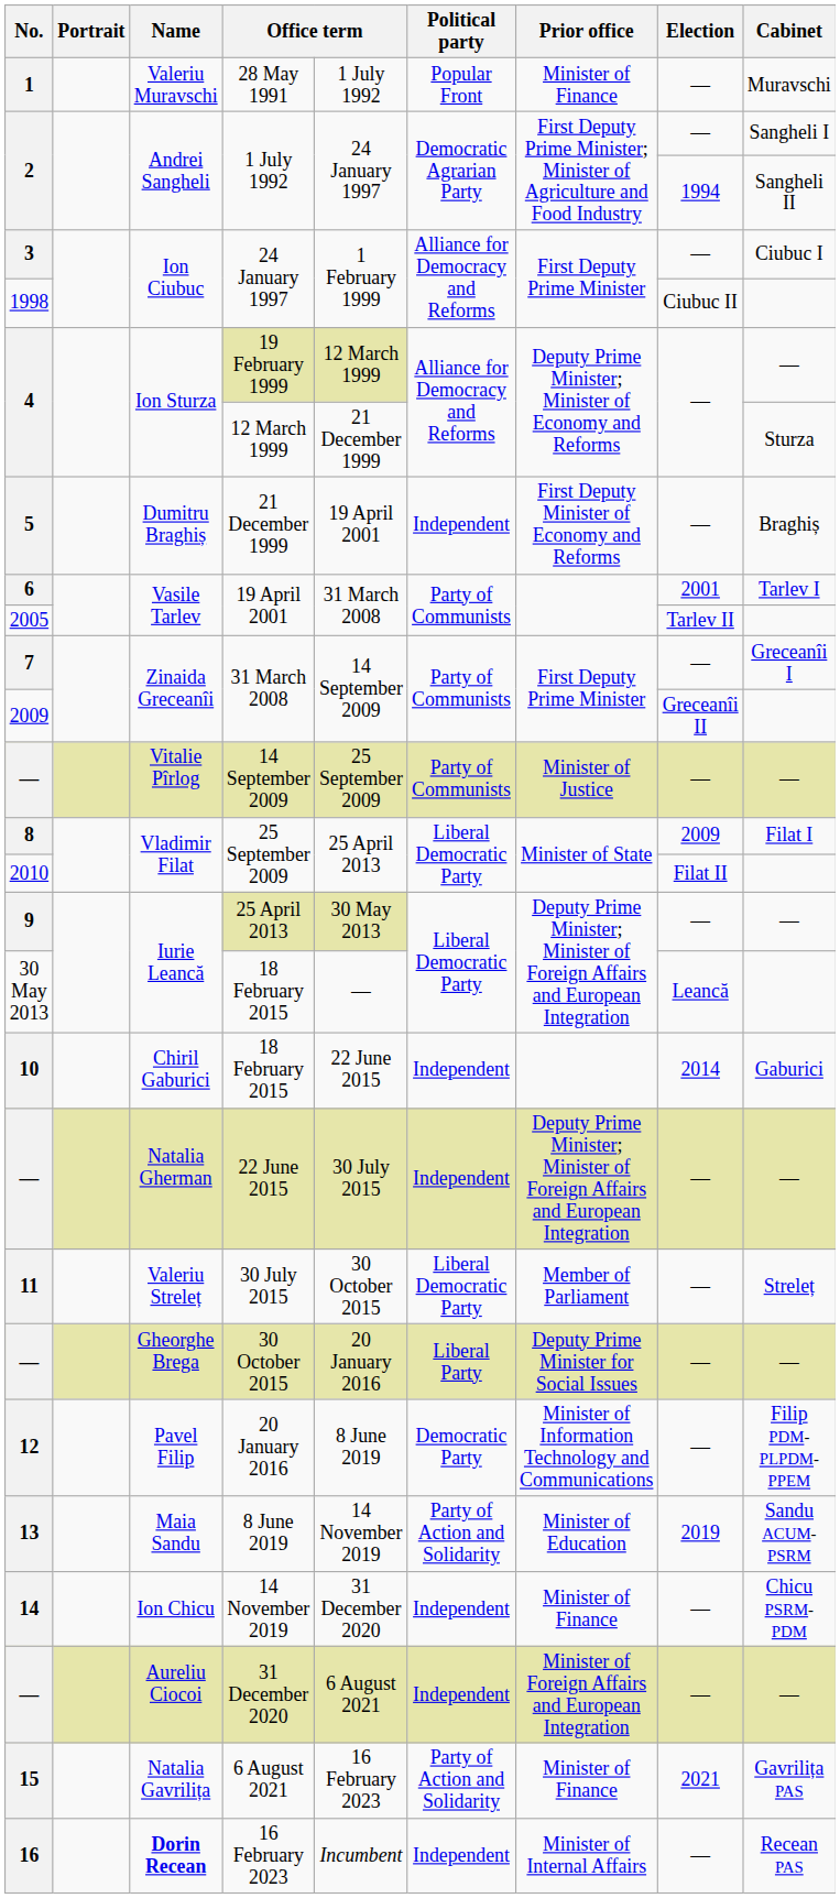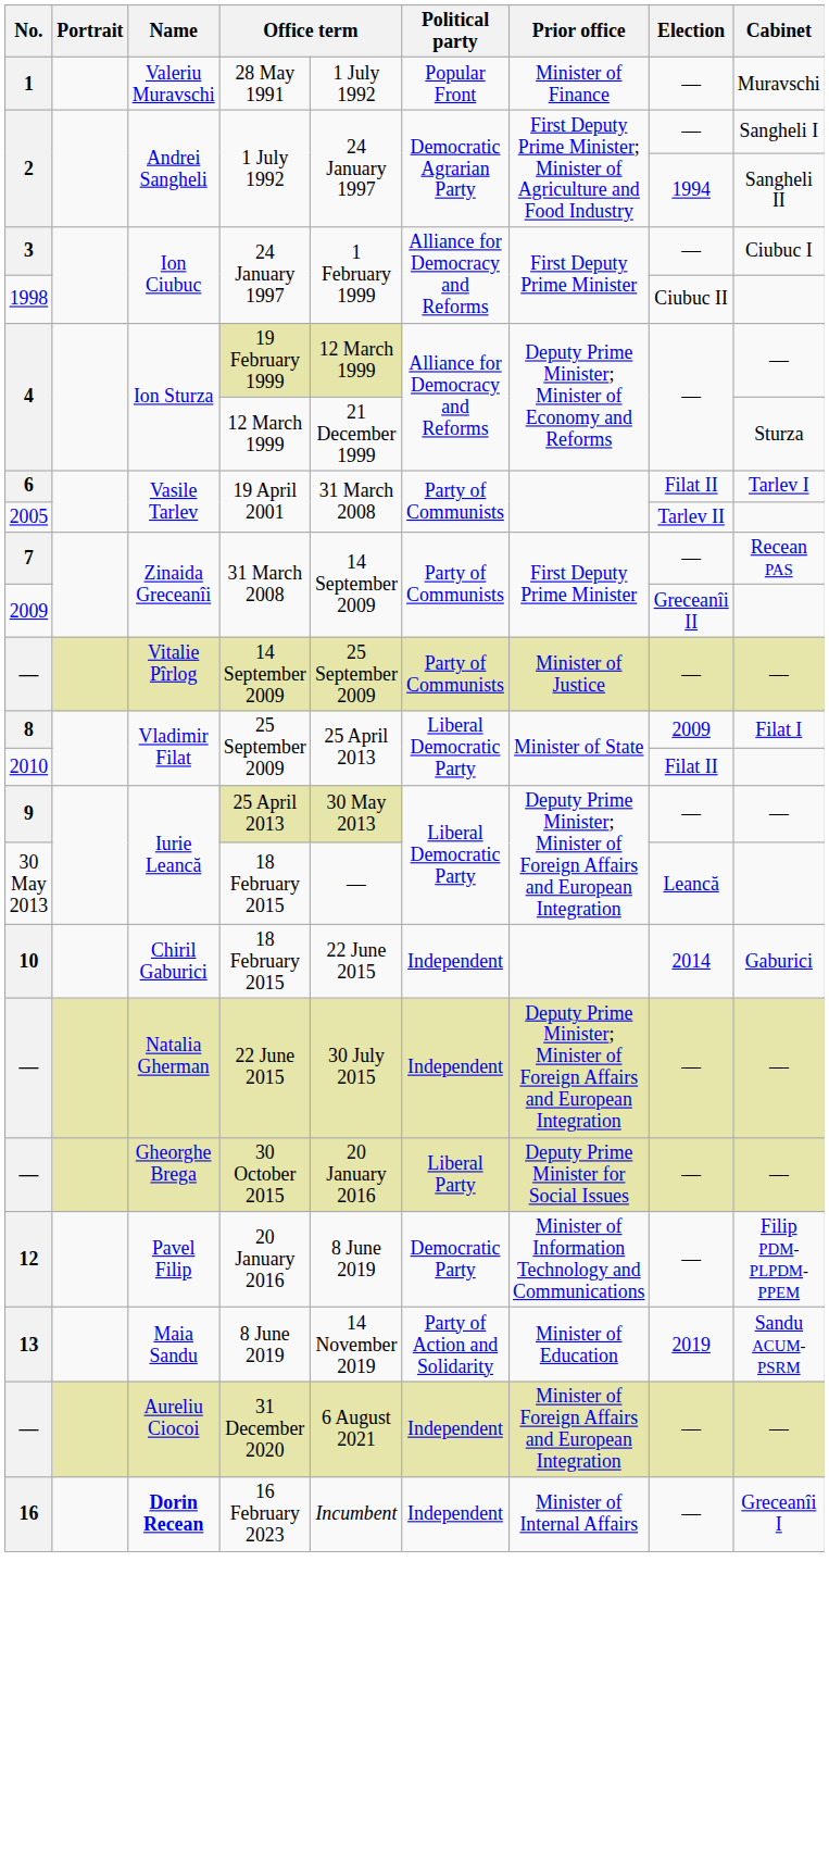 <table class="wikitable" style="text-align:center;">
 <tr>
 <th><strong>No.</strong></th>
 <th>Portrait</th>
 <th>Name<br></th>
 <th colspan="2">Office term</th>
 <th>Political party</th>
 <th>Prior office</th>
 <th>Election</th>
 <th>Cabinet</th>
 </tr>
 <tr>
 <th style="background: ">1</th>
 <td></td>
 <td><a href='#'>Valeriu Muravschi</a><br></td>
 <td>28 May 1991</td>
 <td>1 July 1992</td>
 <td><a href='#'>Popular Front</a></td>
 <td><a href='#'>Minister of Finance</a></td>
 <td>—</td>
 <td>Muravschi<br></td>
 </tr>
 <tr>
 <th rowspan="2" style="background: ">2</th>
 <td rowspan="2"></td>
 <td rowspan="2"><a href='#'>Andrei Sangheli</a><br></td>
 <td rowspan="2">1 July 1992</td>
 <td rowspan="2">24 January 1997</td>
 <td rowspan="2"><a href='#'>Democratic Agrarian Party</a></td>
 <td rowspan="2"><a href='#'>First Deputy Prime Minister</a>;<br><a href='#'>Minister of Agriculture and Food Industry</a></td>
 <td>—</td>
 <td>Sangheli I</td>
 </tr>
 <tr>
 <td><a href='#'>1994</a></td>
 <td>Sangheli II</td>
 </tr>
 <tr>
 <th style="background: ">3</th>
 <td rowspan=2></td>
 <td rowspan=2><a href='#'>Ion Ciubuc</a><br></td>
 <td rowspan=2>24 January 1997</td>
 <td rowspan=2>1 February 1999</td>
 <td rowspan="2"><a href='#'>Alliance for Democracy and Reforms</a></td>
 <td rowspan="2"><a href='#'>First Deputy Prime Minister</a></td>
 <td>—</td>
 <td>Ciubuc I</td>
 </tr>
 <tr>
 <td><a href='#'>1998</a></td>
 <td>Ciubuc II</td>
 </tr>
 <tr>
 <th rowspan="2" style="background: ">4</th>
 <td rowspan="2"></td>
 <td rowspan="2"><a href='#'>Ion Sturza</a><br></td>
 <td bgcolor="E6E6AA">19 February 1999</td>
 <td bgcolor="E6E6AA">12 March 1999</td>
 <td rowspan="2"><a href='#'>Alliance for Democracy and Reforms</a></td>
 <td rowspan="2"><a href='#'>Deputy Prime Minister</a>;<br><a href='#'>Minister of Economy and Reforms</a></td>
 <td rowspan="2">—</td>
 <td>—</td>
 </tr>
 <tr>
 <td>12 March 1999</td>
 <td>21 December 1999</td>
 <td>Sturza</td>
 </tr>
 <tr>
-<th style="background: ">5</th>
-<td></td>
-<td><a href='#'>Dumitru Braghiș</a><br></td>
-<td>21 December 1999</td>
-<td>19 April 2001</td>
-<td><a href='#'>Independent</a></td>
-<td><a href='#'>First Deputy Minister of Economy and Reforms</a></td>
-<td>—</td>
-<td>Braghiș</td>
-</tr>
-<tr>
 <th style="background: ">6</th>
 <td rowspan=2></td>
 <td rowspan="2"><a href='#'>Vasile Tarlev</a><br></td>
 <td rowspan="2">19 April 2001</td>
 <td rowspan=2>31 March 2008</td>
 <td rowspan=2><a href='#'>Party of Communists</a></td>
 <td rowspan="2"></td>
-<td><a href='#'>2001</a></td>
+<td><a href='#'>Filat II</a><br></td>
 <td><a href='#'>Tarlev I</a><br></td>
 </tr>
 <tr>
 <td><a href='#'>2005</a></td>
 <td><a href='#'>Tarlev II</a><br></td>
 </tr>
 <tr>
 <th style="background: ">7</th>
 <td rowspan=2></td>
 <td rowspan="2"><a href='#'>Zinaida Greceanîi</a><br></td>
 <td rowspan="2">31 March 2008</td>
 <td rowspan=2>14 September 2009</td>
 <td rowspan=2><a href='#'>Party of Communists</a></td>
 <td rowspan="2"><a href='#'>First Deputy Prime Minister</a></td>
 <td>—</td>
-<td><a href='#'>Greceanîi I</a><br></td>
+<td><a href='#'>Recean</a><br><small><a href='#'>PAS</a></small></td>
 </tr>
 <tr>
 <td><a href='#'> 2009</a></td>
 <td><a href='#'>Greceanîi II</a><br></td>
 </tr>
 <tr bgcolor=E6E6AA>
 <th style="background: ">—</th>
 <td></td>
 <td><a href='#'>Vitalie Pîrlog</a><br><br></td>
 <td>14 September 2009</td>
 <td>25 September 2009</td>
 <td><a href='#'>Party of Communists</a></td>
 <td><a href='#'>Minister of Justice</a></td>
 <td>—</td>
 <td>—</td>
 </tr>
 <tr>
 <th style="background: ">8</th>
 <td rowspan=2></td>
 <td rowspan="2"><a href='#'>Vladimir Filat</a><br></td>
 <td rowspan="2">25 September 2009</td>
 <td rowspan=2>25 April 2013</td>
 <td rowspan=2><a href='#'>Liberal Democratic Party</a><br></td>
 <td rowspan="2"><a href='#'>Minister of State</a></td>
 <td><a href='#'> 2009</a></td>
 <td><a href='#'>Filat I</a><br></td>
 </tr>
 <tr>
 <td><a href='#'>2010</a></td>
 <td><a href='#'>Filat II</a><br></td>
 </tr>
 <tr>
 <th style="background: ">9</th>
 <td rowspan="2"></td>
 <td rowspan="2"><a href='#'>Iurie Leancă</a><br></td>
 <td bgcolor="E6E6AA">25 April 2013</td>
 <td bgcolor=E6E6AA>30 May 2013</td>
 <td rowspan="2"><a href='#'>Liberal Democratic Party</a><br></td>
 <td rowspan="2"><a href='#'>Deputy Prime Minister</a>;<br><a href='#'>Minister of Foreign Affairs and European Integration</a></td>
 <td>—</td>
 <td>—</td>
 </tr>
 <tr>
 <td>30 May 2013</td>
 <td>18 February 2015</td>
 <td>—</td>
 <td><a href='#'>Leancă</a><br></td>
 </tr>
 <tr>
 <th style="background: ">10</th>
 <td></td>
 <td><a href='#'>Chiril Gaburici</a><br></td>
 <td>18 February 2015</td>
 <td>22 June 2015</td>
 <td><a href='#'>Independent</a></td>
 <td></td>
 <td><a href='#'>2014</a></td>
 <td><a href='#'>Gaburici</a><br></td>
 </tr>
 <tr bgcolor=#E6E6AA>
 <th style="background: ">—</th>
 <td></td>
 <td><a href='#'>Natalia Gherman</a><br><br></td>
 <td>22 June 2015</td>
 <td>30 July 2015</td>
 <td><a href='#'>Independent</a></td>
 <td><a href='#'>Deputy Prime Minister</a>;<br><a href='#'>Minister of Foreign Affairs and European Integration</a></td>
 <td>—</td>
 <td>—</td>
 </tr>
-<tr>
-<th style="background: ">11</th>
-<td></td>
-<td><a href='#'>Valeriu Streleț</a><br></td>
-<td>30 July 2015</td>
-<td>30 October 2015</td>
-<td><a href='#'>Liberal Democratic Party</a><br></td>
-<td><a href='#'>Member of Parliament</a></td>
-<td>—</td>
-<td><a href='#'>Streleț</a><br></td>
-</tr>
 <tr bgcolor=#E6E6AA>
 <th style="background: ">—</th>
 <td></td>
 <td><a href='#'>Gheorghe Brega</a><br><br></td>
 <td>30 October 2015</td>
 <td>20 January 2016</td>
 <td><a href='#'>Liberal Party</a><br></td>
 <td><a href='#'>Deputy Prime Minister for Social Issues</a></td>
 <td>—</td>
 <td>—</td>
 </tr>
 <tr>
 <th style="background: ">12</th>
 <td></td>
 <td><a href='#'>Pavel Filip</a><br></td>
 <td>20 January 2016</td>
 <td>8 June 2019</td>
 <td><a href='#'>Democratic Party</a></td>
 <td><a href='#'>Minister of Information Technology and Communications</a></td>
 <td>—</td>
 <td><a href='#'>Filip</a><br><small><a href='#'>PDM</a>-<a href='#'>PL</a></small><small><a href='#'>PDM</a>-<a href='#'>PPEM</a></small></td>
 </tr>
 <tr>
 <th style="background:">13</th>
 <td></td>
 <td><a href='#'>Maia Sandu</a><br></td>
 <td>8 June 2019</td>
 <td>14 November 2019</td>
 <td><a href='#'>Party of Action and Solidarity</a></td>
 <td><a href='#'>Minister of Education</a></td>
 <td><a href='#'>2019</a></td>
 <td><a href='#'>Sandu</a><br><small><a href='#'>ACUM</a>-<a href='#'>PSRM</a></small></td>
 </tr>
-<tr>
-<th style="background: ">14</th>
-<td></td>
-<td><a href='#'>Ion Chicu</a><br></td>
-<td>14 November 2019</td>
-<td>31 December 2020</td>
-<td><a href='#'>Independent</a></td>
-<td><a href='#'>Minister of Finance</a></td>
-<td>—</td>
-<td><a href='#'>Chicu</a><br><small><a href='#'>PSRM</a>-<a href='#'>PDM</a></small></td>
-</tr>
 <tr bgcolor=#E6E6AA>
 <th style="background: ">—</th>
 <td></td>
 <td><a href='#'>Aureliu Ciocoi</a><br><br></td>
 <td>31 December 2020</td>
 <td>6 August 2021</td>
 <td><a href='#'>Independent</a></td>
 <td><a href='#'>Minister of Foreign Affairs and European Integration</a></td>
 <td>—</td>
 <td>—</td>
 </tr>
 <tr>
-<th style="background:">15</th>
-<td></td>
-<td><a href='#'>Natalia Gavrilița</a><br></td>
-<td>6 August 2021</td>
-<td>16 February 2023</td>
-<td><a href='#'>Party of Action and Solidarity</a></td>
-<td><a href='#'>Minister of Finance</a></td>
-<td><a href='#'>2021</a></td>
-<td><a href='#'>Gavrilița</a><br><small><a href='#'>PAS</a></small></td>
-</tr>
-<tr>
 <th style="background: ">16</th>
 <td></td>
 <td><strong><a href='#'>Dorin Recean</a></strong><br></td>
 <td>16 February 2023</td>
 <td><em>Incumbent</em></td>
 <td><a href='#'>Independent</a></td>
 <td><a href='#'>Minister of Internal Affairs</a></td>
 <td>—</td>
-<td><a href='#'>Recean</a><br><small><a href='#'>PAS</a></small></td>
+<td><a href='#'>Greceanîi I</a><br></td>
 </tr>
 </table>
